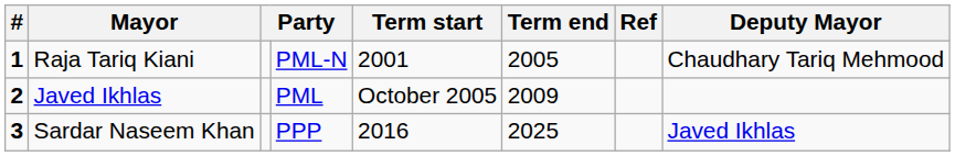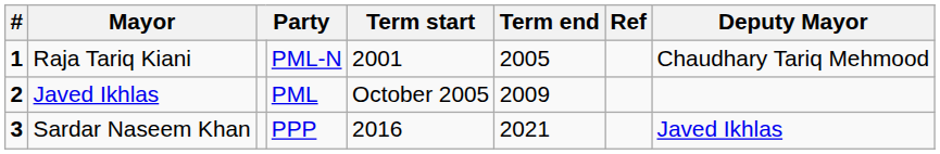 <table class="wikitable">
 <tr>
 <th>#</th>
 <th>Mayor</th>
 <th colspan="2">Party</th>
 <th>Term start</th>
 <th>Term end</th>
 <th>Ref</th>
 <th>Deputy Mayor</th>
 </tr>
 <tr>
 <td><strong>1</strong></td>
 <td>Raja Tariq Kiani</td>
 <td style="background-color: "></td>
 <td><a href='#'>PML-N</a></td>
 <td>2001</td>
 <td>2005</td>
 <td></td>
 <td>Chaudhary Tariq Mehmood</td>
 </tr>
 <tr>
 <td><strong>2</strong></td>
 <td><a href='#'>Javed Ikhlas</a></td>
 <td style="background-color: "></td>
 <td><a href='#'>PML</a></td>
 <td>October 2005</td>
 <td>2009</td>
 <td></td>
 <td></td>
 </tr>
 <tr>
 <td><strong>3</strong></td>
 <td>Sardar Naseem Khan</td>
 <td style="background-color: "></td>
 <td><a href='#'>PPP</a></td>
 <td>2016</td>
-<td>2025</td>
+<td>2021</td>
 <td></td>
 <td><a href='#'>Javed Ikhlas</a></td>
 </tr>
 </table>
